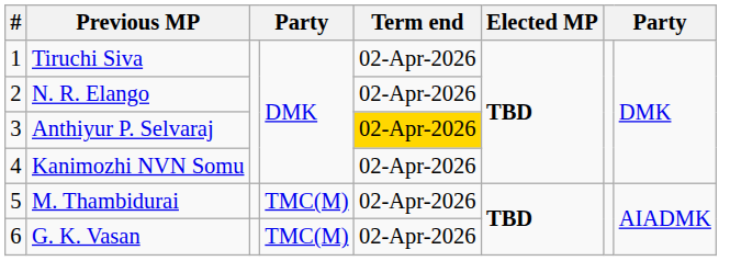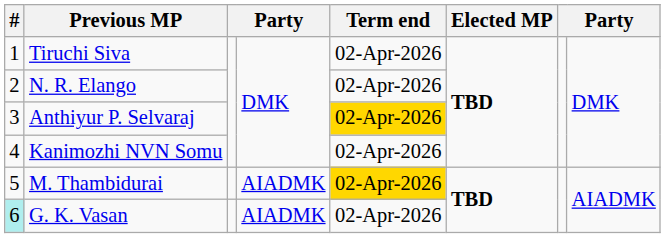 <table class="wikitable sortable">
 <tr>
 <th>#</th>
 <th>Previous MP</th>
 <th colspan="2">Party</th>
 <th>Term end</th>
 <th>Elected MP</th>
 <th colspan="2">Party</th>
 </tr>
 <tr>
 <td>1</td>
 <td><a href='#'>Tiruchi Siva</a></td>
 <td rowspan=4></td>
 <td rowspan=4><a href='#'>DMK</a></td>
 <td>02-Apr-2026</td>
 <td Rowspan=4><strong>TBD</strong></td>
 <td rowspan=4></td>
 <td rowspan=4><a href='#'>DMK</a></td>
 </tr>
 <tr>
 <td>2</td>
 <td><a href='#'>N. R. Elango</a></td>
 <td>02-Apr-2026</td>
 </tr>
 <tr>
 <td>3</td>
 <td><a href='#'>Anthiyur P. Selvaraj</a></td>
 <td style="background: gold;">02-Apr-2026</td>
 </tr>
 <tr>
 <td>4</td>
 <td><a href='#'>Kanimozhi NVN Somu</a></td>
 <td>02-Apr-2026</td>
 </tr>
 <tr>
 <td>5</td>
 <td><a href='#'>M. Thambidurai</a></td>
 <td></td>
-<td><a href='#'>TMC(M)</a></td>
-<td>02-Apr-2026</td>
+<td><a href='#'>AIADMK</a></td>
+<td style="background: gold;">02-Apr-2026</td>
 <td Rowspan=2><strong>TBD</strong></td>
 <td rowspan=2></td>
 <td rowspan=2><a href='#'>AIADMK</a></td>
 </tr>
 <tr>
-<td>6</td>
+<td style="background: paleturquoise;">6</td>
 <td><a href='#'>G. K. Vasan</a></td>
 <td></td>
-<td><a href='#'>TMC(M)</a></td>
+<td><a href='#'>AIADMK</a></td>
 <td>02-Apr-2026</td>
 </tr>
 </table>
